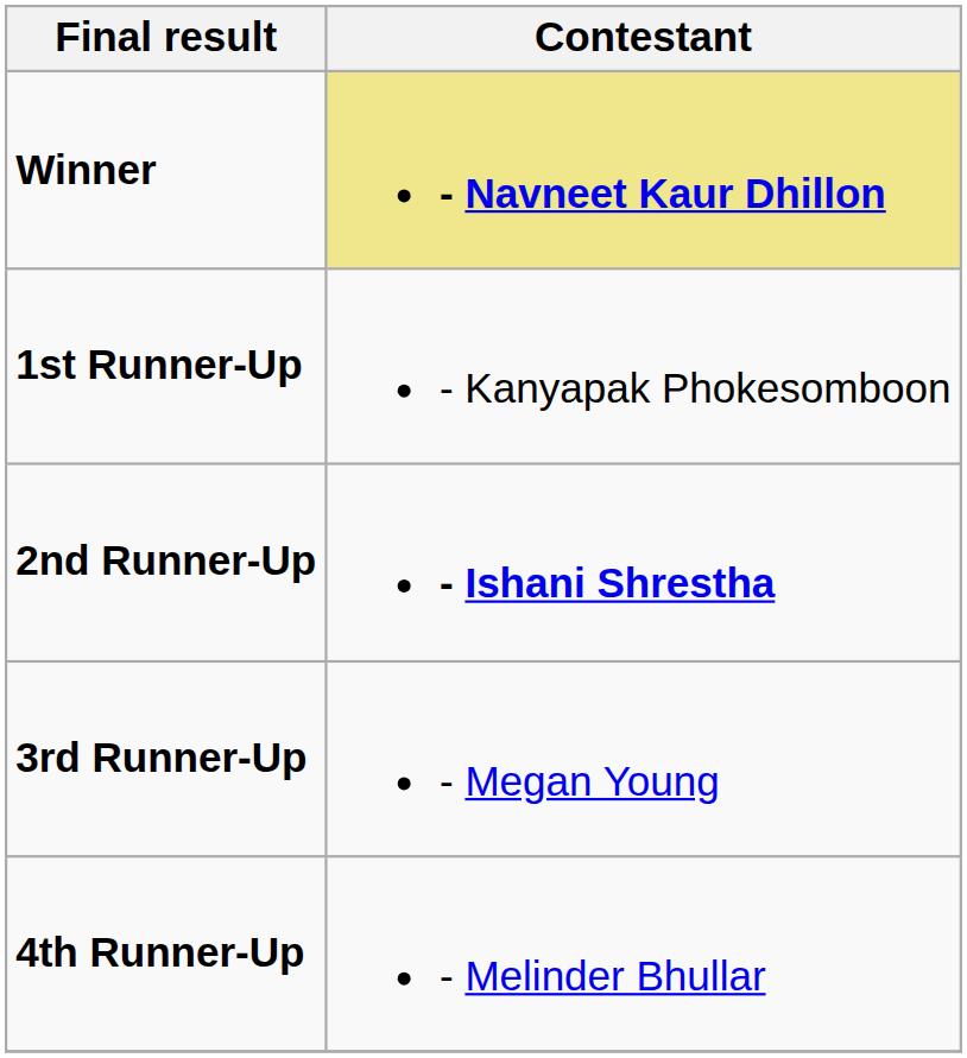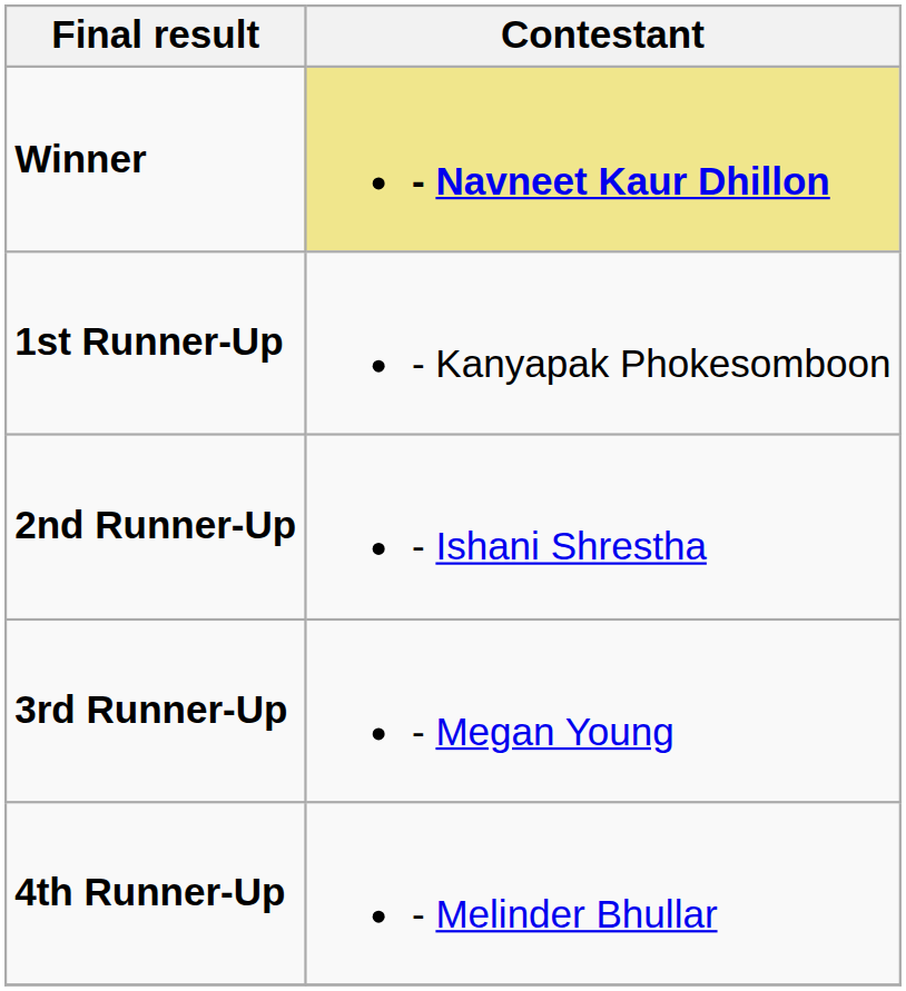 <table class="wikitable">
 <tr>
 <th>Final result</th>
 <th>Contestant</th>
 </tr>
 <tr>
 <td><strong>Winner</strong></td>
 <td style="background: khaki;"><br><ul><li><strong> - <a href='#'>Navneet Kaur Dhillon</a></strong></li></ul></td>
 </tr>
 <tr>
 <td><strong>1st Runner-Up</strong></td>
 <td><br><ul><li> - Kanyapak Phokesomboon</li></ul></td>
 </tr>
 <tr>
 <td><strong>2nd Runner-Up</strong></td>
-<td><strong><br><ul><li> - <a href='#'>Ishani Shrestha</a></li></ul></strong></td>
+<td><br><ul><li> - <a href='#'>Ishani Shrestha</a></li></ul></td>
 </tr>
 <tr>
 <td><strong>3rd Runner-Up</strong></td>
 <td><br><ul><li> - <a href='#'>Megan Young</a></li></ul></td>
 </tr>
 <tr>
 <td><strong>4th Runner-Up</strong></td>
 <td><br><ul><li> - <a href='#'>Melinder Bhullar</a></li></ul></td>
 </tr>
 <tr>
 </tr>
 </table>
